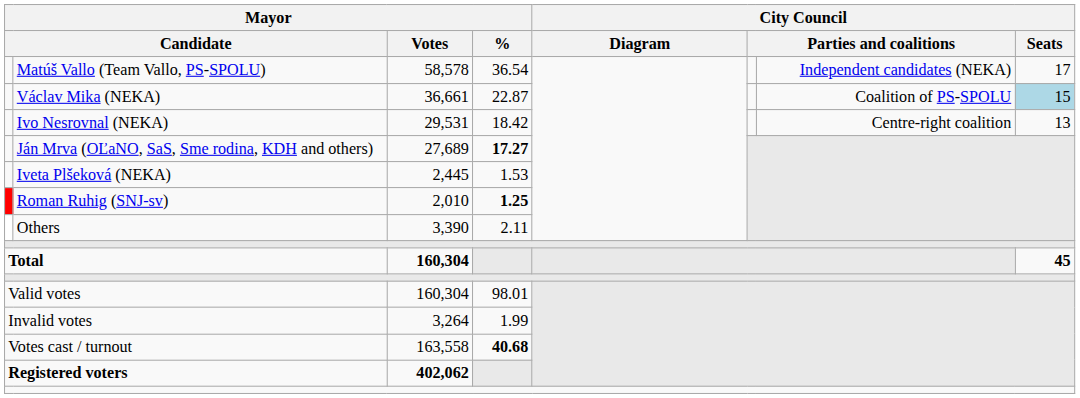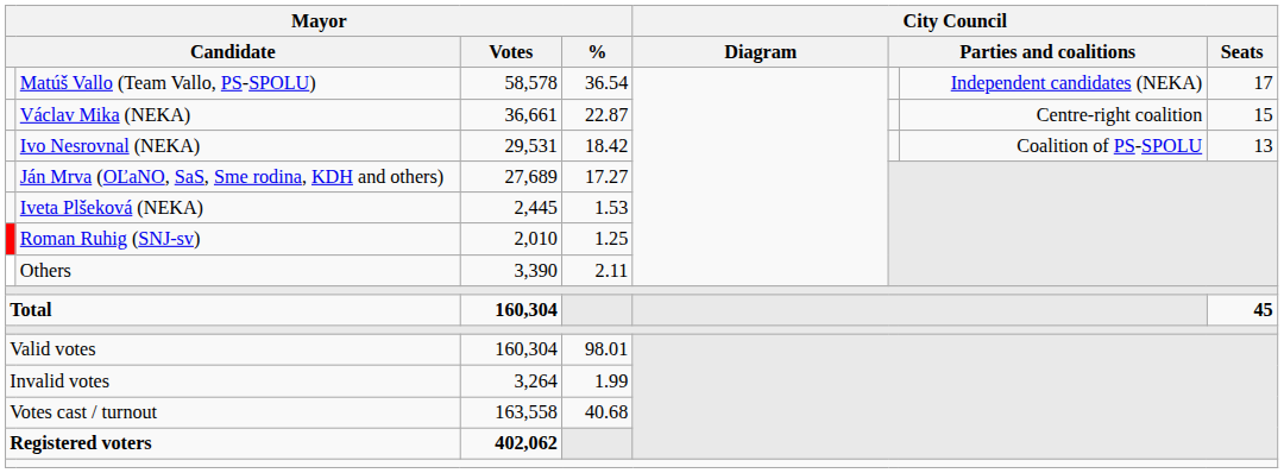 <table class="wikitable" style="text-align:right; font-size:97%;">
 <tr>
 <th colspan="4" width="500">Mayor</th>
 <th colspan="4" width="500">City Council</th>
 </tr>
 <tr>
 <th colspan="2" width="325">Candidate</th>
 <th width="75">Votes</th>
 <th width="50">%</th>
 <th width="200">Diagram</th>
 <th colspan="2" width="250">Parties and coalitions</th>
 <th width="50">Seats</th>
 </tr>
 <tr>
 <td width="1" style="color:inherit;background:"></td>
 <td align="left"><a href='#'>Matúš Vallo</a> (Team Vallo, <a href='#'>PS</a>-<a href='#'>SPOLU</a>)</td>
 <td>58,578</td>
 <td>36.54</td>
 <td rowspan="7"></td>
 <td width="1" style="color:inherit;background:"></td>
 <td><a href='#'>Independent candidates</a> (NEKA)</td>
 <td>17</td>
 </tr>
 <tr>
 <td width="1" style="color:inherit;background:"></td>
 <td align="left"><a href='#'>Václav Mika</a> (NEKA)</td>
 <td>36,661</td>
 <td>22.87</td>
 <td width="1" style="color:inherit;background:"></td>
-<td>Coalition of <a href='#'>PS</a>-<a href='#'>SPOLU</a></td>
-<td style="background: lightblue;">15</td>
+<td>Centre-right coalition</td>
+<td>15</td>
 </tr>
 <tr>
 <td width="1" style="color:inherit;background:"></td>
 <td align="left"><a href='#'>Ivo Nesrovnal</a> (NEKA)</td>
 <td>29,531</td>
 <td>18.42</td>
 <td width="1" style="color:inherit;background:"></td>
-<td>Centre-right coalition</td>
+<td>Coalition of <a href='#'>PS</a>-<a href='#'>SPOLU</a></td>
 <td>13</td>
 </tr>
 <tr>
 <td width="1" style="color:inherit;background:"></td>
 <td align="left"><a href='#'>Ján Mrva</a> (<a href='#'>OĽaNO</a>, <a href='#'>SaS</a>, <a href='#'>Sme rodina</a>, <a href='#'>KDH</a> and others)</td>
 <td>27,689</td>
-<td><strong>17.27</strong></td>
+<td>17.27</td>
 <td colspan="3" rowspan="4" bgcolor="#E9E9E9"></td>
 </tr>
 <tr>
 <td width="1" style="color:inherit;background:"></td>
 <td align="left"><a href='#'>Iveta Plšeková</a> (NEKA)</td>
 <td>2,445</td>
 <td>1.53</td>
 </tr>
 <tr>
 <td width="1" style="color:inherit;background:#ff0000"></td>
 <td align="left"><a href='#'>Roman Ruhig</a> (<a href='#'>SNJ-sv</a>)</td>
 <td>2,010</td>
-<td><strong>1.25</strong></td>
+<td>1.25</td>
 </tr>
 <tr>
 <td width="1" bgcolor="white"></td>
 <td align="left">Others</td>
 <td>3,390</td>
 <td>2.11</td>
 </tr>
 <tr>
 <td colspan="8" bgcolor="#E9E9E9"></td>
 </tr>
 <tr>
 <td align="left" colspan="2"><strong>Total</strong></td>
 <td><strong>160,304</strong></td>
 <td style="color:inherit;background:#E9E9E9"></td>
 <td colspan="3" bgcolor="#E9E9E9"></td>
 <td><strong>45</strong></td>
 </tr>
 <tr>
 <td colspan="8" bgcolor="#E9E9E9"></td>
 </tr>
 <tr>
 <td align="left" colspan="2">Valid votes</td>
 <td>160,304</td>
 <td>98.01</td>
 <td bgcolor="#E9E9E9" rowspan="4" colspan="4"></td>
 </tr>
 <tr>
 <td align="left" colspan="2">Invalid votes</td>
 <td>3,264</td>
 <td>1.99</td>
 </tr>
 <tr>
 <td align="left" colspan="2">Votes cast / turnout</td>
 <td>163,558</td>
-<td><strong>40.68</strong></td>
+<td>40.68</td>
 </tr>
 <tr style="font-weight:bold;">
 <td align="left" colspan="2">Registered voters</td>
 <td>402,062</td>
 <td bgcolor="#E9E9E9"></td>
 </tr>
 <tr>
 <td colspan="8"></td>
 </tr>
 </table>
